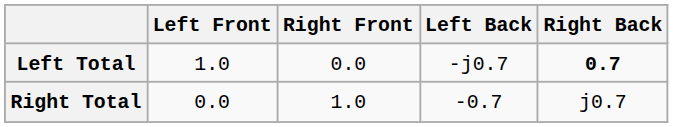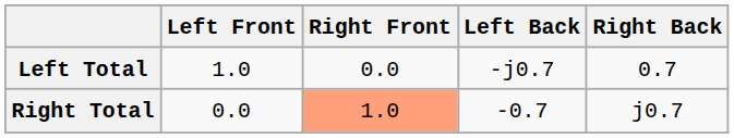 <table class="wikitable" style="text-align:center">
 <tr>
 <th></th>
 <th><small>Left Front</small></th>
 <th><small>Right Front</small></th>
 <th><small>Left Back</small></th>
 <th><small>Right Back</small></th>
 </tr>
 <tr>
 <th><small>Left Total</small></th>
 <td><small>1.0</small></td>
 <td><small>0.0</small></td>
 <td><small>-j0.7</small></td>
-<td><strong><small>0.7</small></strong></td>
+<td><small>0.7</small></td>
 </tr>
 <tr>
 <th><small>Right  Total</small></th>
 <td><small>0.0</small></td>
-<td><small>1.0</small></td>
+<td style="background: lightsalmon;"><small>1.0</small></td>
 <td><small>-0.7</small></td>
 <td><small>j0.7</small></td>
 </tr>
 </table>
